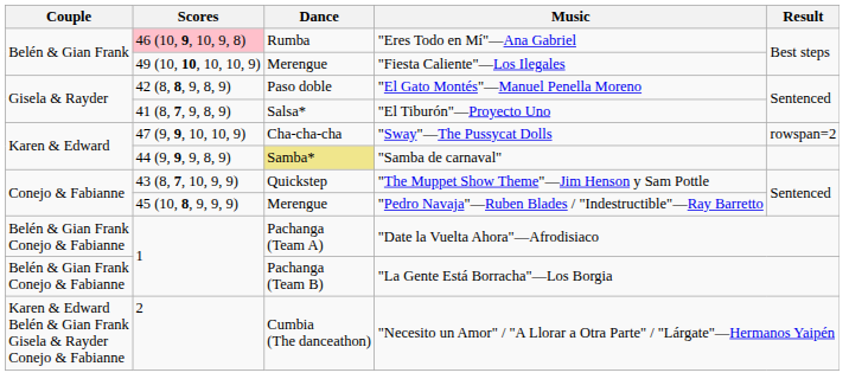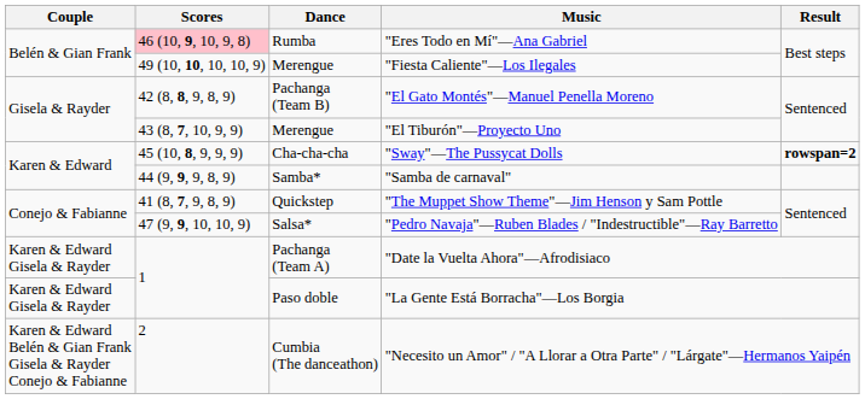 <table class="wikitable sortable" style="width:95%; white-space:nowrap;">
 <tr>
 <th style="width:15%;">Couple</th>
 <th style="width:14%;">Scores</th>
 <th style="width:13%;">Dance</th>
 <th style="width:40%;">Music</th>
 <th style="width:13%;">Result</th>
 </tr>
 <tr>
 <td rowspan=2>Belén & Gian Frank</td>
 <td style="background: pink;">46 (10, <strong>9</strong>, 10, 9, 8)</td>
 <td>Rumba</td>
 <td>"Eres Todo en Mí"—<a href='#'>Ana Gabriel</a></td>
 <td rowspan=2>Best steps</td>
 </tr>
 <tr>
 <td>49 (10, <strong>10</strong>, 10, 10, 9)</td>
 <td>Merengue</td>
 <td>"Fiesta Caliente"—<a href='#'>Los Ilegales</a></td>
 </tr>
 <tr>
 <td rowspan=2>Gisela & Rayder</td>
 <td>42 (8, <strong>8</strong>, 9, 8, 9)</td>
-<td>Paso doble</td>
+<td>Pachanga<br>(Team B)</td>
 <td>"<a href='#'>El Gato Montés</a>"—<a href='#'>Manuel Penella Moreno</a></td>
 <td rowspan=2>Sentenced</td>
 </tr>
 <tr>
-<td>41 (8, <strong>7</strong>, 9, 8, 9)</td>
-<td>Salsa*</td>
+<td>43 (8, <strong>7</strong>, 10, 9, 9)</td>
+<td>Merengue</td>
 <td>"El Tiburón"—<a href='#'>Proyecto Uno</a></td>
 </tr>
 <tr>
 <td rowspan=2>Karen & Edward</td>
-<td>47 (9, <strong>9</strong>, 10, 10, 9)</td>
+<td>45 (10, <strong>8</strong>, 9, 9, 9)</td>
 <td>Cha-cha-cha</td>
 <td>"<a href='#'>Sway</a>"—<a href='#'>The Pussycat Dolls</a></td>
-<td>rowspan=2 </td>
+<td><strong>rowspan=2 </strong></td>
 </tr>
 <tr>
 <td>44 (9, <strong>9</strong>, 9, 8, 9)</td>
-<td style="background: khaki;">Samba*</td>
+<td>Samba*</td>
 <td>"Samba de carnaval"</td>
 </tr>
 <tr>
 <td rowspan=2>Conejo & Fabianne</td>
-<td>43 (8, <strong>7</strong>, 10, 9, 9)</td>
+<td>41 (8, <strong>7</strong>, 9, 8, 9)</td>
 <td>Quickstep</td>
 <td>"<a href='#'>The Muppet Show Theme</a>"—<a href='#'>Jim Henson</a> y Sam Pottle</td>
 <td rowspan=2>Sentenced</td>
 </tr>
 <tr>
-<td>45 (10, <strong>8</strong>, 9, 9, 9)</td>
-<td>Merengue</td>
+<td>47 (9, <strong>9</strong>, 10, 10, 9)</td>
+<td>Salsa*</td>
 <td>"<a href='#'>Pedro Navaja</a>"—<a href='#'>Ruben Blades</a> / "Indestructible"—<a href='#'>Ray Barretto</a></td>
 </tr>
 <tr>
-<td>Belén & Gian Frank<br>Conejo & Fabianne</td>
+<td>Karen & Edward<br>Gisela & Rayder</td>
 <td rowspan=2>1</td>
 <td>Pachanga<br>(Team A)</td>
 <td colspan=2>"Date la Vuelta Ahora"—Afrodisiaco</td>
 </tr>
 <tr>
-<td>Belén & Gian Frank<br>Conejo & Fabianne</td>
-<td>Pachanga<br>(Team B)</td>
+<td>Karen & Edward<br>Gisela & Rayder</td>
+<td>Paso doble</td>
 <td colspan=2>"La Gente Está Borracha"—Los Borgia</td>
 </tr>
 <tr>
 <td>Karen & Edward<br>Belén & Gian Frank<br>Gisela & Rayder<br>Conejo & Fabianne</td>
 <td valign="top">2</td>
 <td>Cumbia<br>(The danceathon)</td>
 <td colspan=2>"Necesito un Amor" / "A Llorar a Otra Parte" / "Lárgate"—<a href='#'>Hermanos Yaipén</a></td>
 </tr>
 </table>
